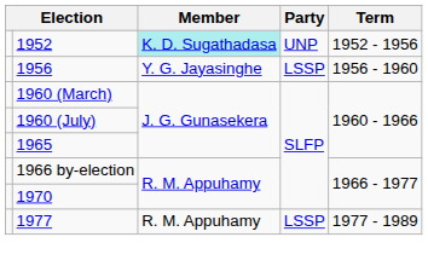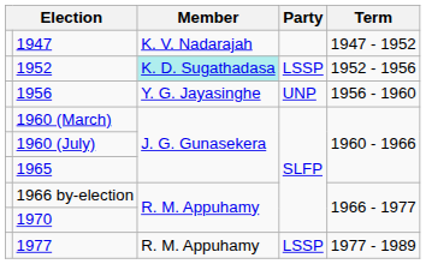 <table class="wikitable">
 <tr>
 <th colspan="2">Election</th>
 <th>Member</th>
 <th>Party</th>
 <th>Term</th>
 </tr>
 <tr>
 <td style="background-color: "></td>
+<td><a href='#'>1947</a></td>
+<td><a href='#'>K. V. Nadarajah</a></td>
+<td></td>
+<td>1947 - 1952</td>
+</tr>
+<tr>
+<td style="background-color: "></td>
 <td><a href='#'>1952</a></td>
 <td style="background: paleturquoise;"><a href='#'>K. D. Sugathadasa</a></td>
-<td><a href='#'>UNP</a></td>
+<td><a href='#'>LSSP</a></td>
 <td>1952 - 1956</td>
 </tr>
 <tr>
 <td style="background-color: "></td>
 <td><a href='#'>1956</a></td>
 <td><a href='#'>Y. G. Jayasinghe</a></td>
-<td><a href='#'>LSSP</a></td>
+<td><a href='#'>UNP</a></td>
 <td>1956 - 1960</td>
 </tr>
 <tr>
 <td style="background-color: "></td>
 <td><a href='#'>1960 (March)</a></td>
 <td rowspan=3><a href='#'>J. G. Gunasekera</a></td>
 <td rowspan=5><a href='#'>SLFP</a></td>
 <td rowspan=3>1960 - 1966</td>
 </tr>
 <tr>
 <td style="background-color: "></td>
 <td><a href='#'>1960 (July)</a></td>
 </tr>
 <tr>
 <td style="background-color: "></td>
 <td><a href='#'>1965</a></td>
 </tr>
 <tr>
 <td style="background-color: "></td>
 <td>1966 by-election</td>
 <td rowspan=2><a href='#'>R. M. Appuhamy</a></td>
 <td rowspan=2>1966 - 1977</td>
 </tr>
 <tr>
 <td style="background-color: "></td>
 <td><a href='#'>1970</a></td>
 </tr>
 <tr>
 <td style="background-color: "></td>
 <td><a href='#'>1977</a></td>
 <td>R. M. Appuhamy</td>
 <td><a href='#'>LSSP</a></td>
 <td>1977 - 1989</td>
 </tr>
 </table>
